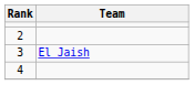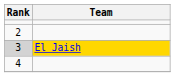 <table class=wikitable style="text-align:center;">
 <tr>
 <th>Rank</th>
 <th width=180>Team</th>
 </tr>
 <tr>
 <td></td>
 <td align=left></td>
 </tr>
 <tr>
 <td>2</td>
 <td align=left></td>
 </tr>
 <tr>
-<td>3</td>
-<td align=left> <a href='#'>El Jaish</a></td>
+<td style="background: lightgrey;">3</td>
+<td align=left style="background: gold;"> <a href='#'>El Jaish</a></td>
 </tr>
 <tr>
 <td>4</td>
 <td align=left></td>
 </tr>
 <tr>
 </tr>
 </table>
